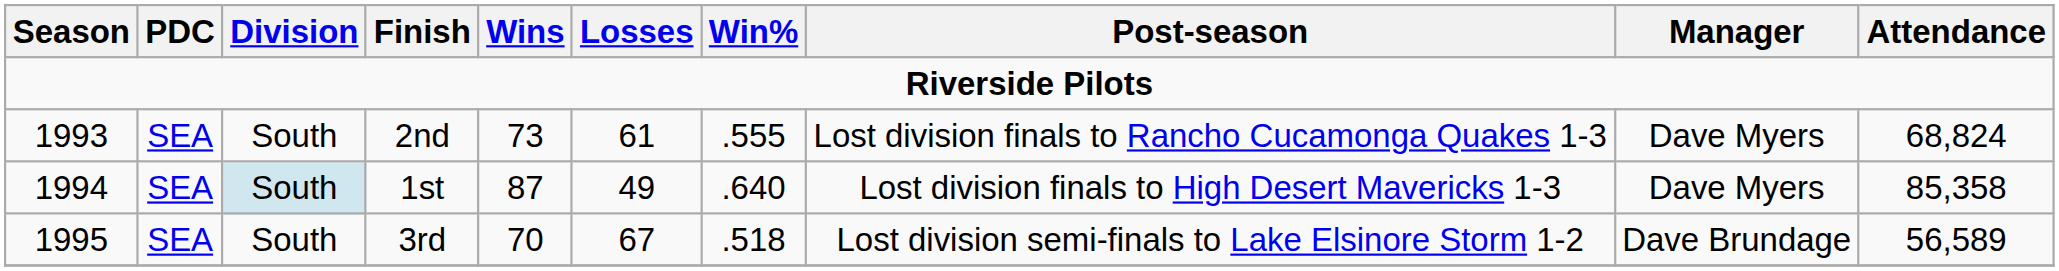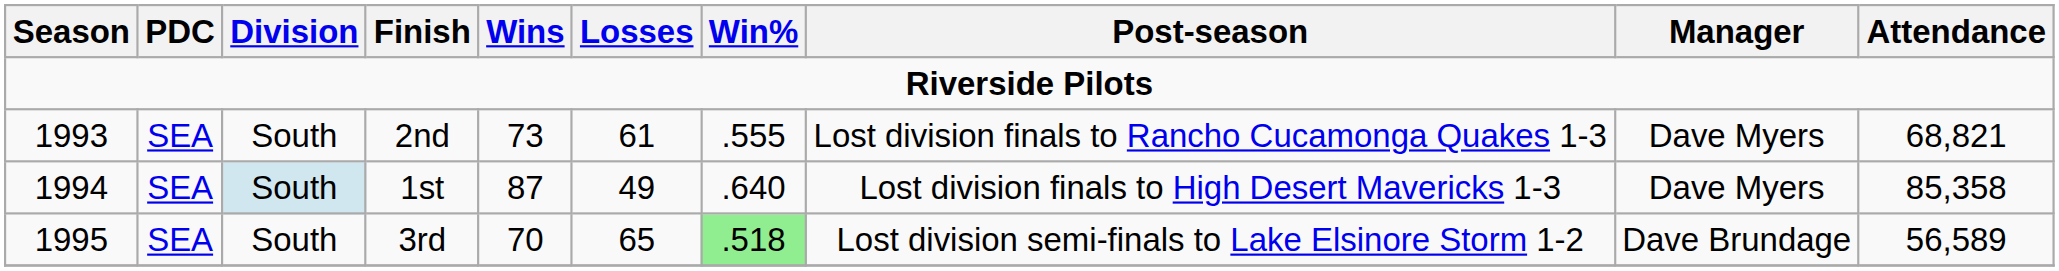 <table class="wikitable" style="text-align:center; font-size:95%">
 <tr>
 <th scope="col">Season</th>
 <th scope="col">PDC</th>
 <th scope="col"><a href='#'>Division</a></th>
 <th scope="col">Finish</th>
 <th scope="col"><a href='#'>Wins</a></th>
 <th scope="col"><a href='#'>Losses</a></th>
 <th scope="col"><a href='#'>Win%</a></th>
 <th scope="col">Post-season</th>
 <th scope="col">Manager</th>
 <th scope="col">Attendance</th>
 </tr>
 <tr>
 <td align="center" colspan="11"><strong>Riverside Pilots</strong></td>
 </tr>
 <tr>
 <td>1993</td>
 <td><a href='#'>SEA</a></td>
 <td>South</td>
 <td>2nd</td>
 <td>73</td>
 <td>61</td>
 <td>.555</td>
 <td>Lost division finals to <a href='#'>Rancho Cucamonga Quakes</a> 1-3</td>
 <td>Dave Myers</td>
-<td>68,824</td>
+<td>68,821</td>
 </tr>
 <tr>
 <td>1994</td>
 <td><a href='#'>SEA</a></td>
 <td bgcolor="#Dr0E7FF">South</td>
 <td>1st</td>
 <td>87</td>
 <td>49</td>
 <td>.640</td>
 <td>Lost division finals to <a href='#'>High Desert Mavericks</a> 1-3</td>
 <td>Dave Myers</td>
 <td>85,358</td>
 </tr>
 <tr>
 <td>1995</td>
 <td><a href='#'>SEA</a></td>
 <td>South</td>
 <td>3rd</td>
 <td>70</td>
-<td>67</td>
-<td>.518</td>
+<td>65</td>
+<td style="background: lightgreen;">.518</td>
 <td>Lost division semi-finals to <a href='#'>Lake Elsinore Storm</a> 1-2</td>
 <td>Dave Brundage</td>
 <td>56,589</td>
 </tr>
 <tr>
 </tr>
 </table>
